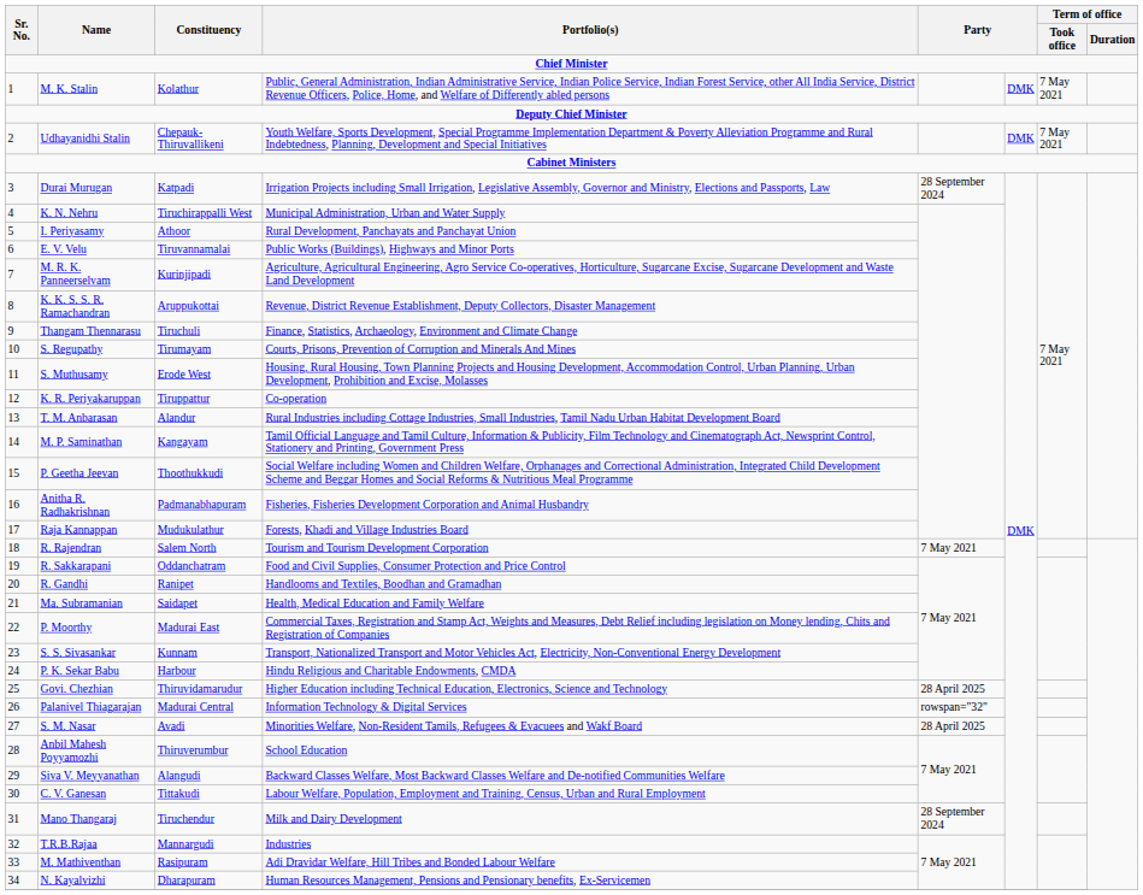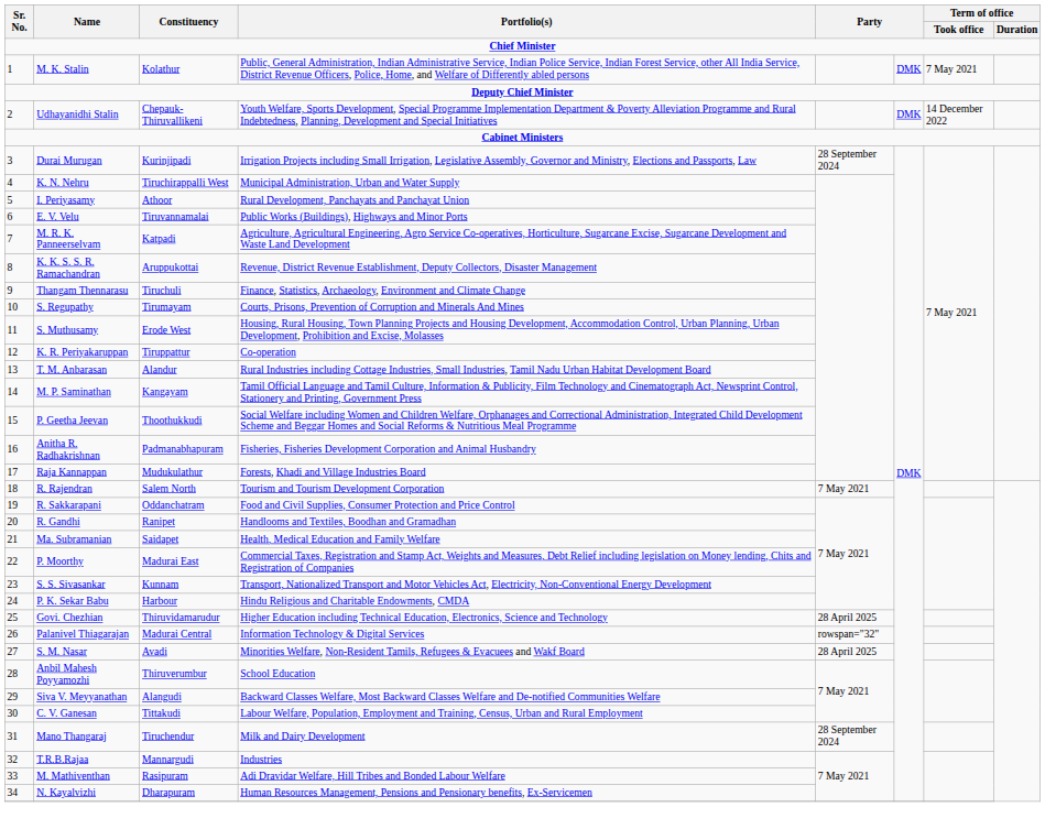 <table class="wikitable sortable" style="text-align:left;"style="font-size: 85%">
 <tr>
 <th rowspan = "2">Sr. No.</th>
 <th rowspan = "2">Name</th>
 <th rowspan = "2">Constituency</th>
 <th rowspan = "2">Portfolio(s)</th>
 <th rowspan = "2" colspan="2">Party</th>
 <th colspan="2">Term of office</th>
 </tr>
 <tr>
 <th>Took office</th>
 <th>Duration</th>
 </tr>
 <tr>
 <td colspan="8" style="text-align: center;"><strong><a href='#'>Chief Minister</a></strong></td>
 </tr>
 <tr>
 <td>1</td>
 <td><a href='#'>M. K. Stalin</a></td>
 <td><a href='#'>Kolathur</a></td>
 <td><a href='#'>Public, General Administration, Indian Administrative Service, Indian Police Service, Indian Forest Service, other All India Service, District Revenue Officers</a>, <a href='#'>Police, Home</a>, and <a href='#'>Welfare of Differently abled persons</a></td>
 <td></td>
 <td><a href='#'>DMK</a></td>
 <td>7 May 2021</td>
 <td></td>
 </tr>
 <tr>
 <td colspan="8" style="text-align: center;"><strong><a href='#'>Deputy Chief Minister</a></strong></td>
 </tr>
 <tr>
 <td>2</td>
 <td><a href='#'>Udhayanidhi Stalin</a></td>
 <td><a href='#'>Chepauk-Thiruvallikeni</a></td>
 <td><a href='#'>Youth Welfare, Sports Development</a>, <a href='#'>Special Programme Implementation Department & Poverty Alleviation Programme and Rural Indebtedness</a>, <a href='#'>Planning, Development and Special Initiatives</a></td>
 <td></td>
 <td><a href='#'>DMK</a></td>
-<td>7 May 2021</td>
+<td>14 December 2022</td>
 <td></td>
 </tr>
 <tr>
 <td colspan="8" style="text-align: center;"><strong><a href='#'>Cabinet Ministers</a></strong></td>
 </tr>
 <tr>
 <td>3</td>
 <td><a href='#'>Durai Murugan</a></td>
-<td><a href='#'>Katpadi</a></td>
+<td><a href='#'>Kurinjipadi</a></td>
 <td><a href='#'>Irrigation Projects including Small Irrigation</a>, <a href='#'>Legislative Assembly, Governor and Ministry</a>, <a href='#'>Elections and Passports</a>, <a href='#'>Law</a></td>
 <td rowspan=>28 September 2024</td>
 <td rowspan="32"><a href='#'>DMK</a></td>
 <td rowspan="15">7 May 2021</td>
 <td rowspan="15"></td>
 </tr>
 <tr>
 <td>4</td>
 <td><a href='#'>K. N. Nehru</a></td>
 <td><a href='#'>Tiruchirappalli West</a></td>
 <td><a href='#'>Municipal Administration, Urban and Water Supply</a></td>
 </tr>
 <tr>
 <td>5</td>
 <td><a href='#'>I. Periyasamy</a></td>
 <td><a href='#'>Athoor</a></td>
 <td><a href='#'>Rural Development, Panchayats and Panchayat Union</a></td>
 </tr>
 <tr>
 <td>6</td>
 <td><a href='#'>E. V. Velu</a></td>
 <td><a href='#'>Tiruvannamalai</a></td>
 <td><a href='#'>Public Works (Buildings)</a>, <a href='#'>Highways and Minor Ports</a></td>
 </tr>
 <tr>
 <td>7</td>
 <td><a href='#'>M. R. K. Panneerselvam</a></td>
-<td><a href='#'>Kurinjipadi</a></td>
+<td><a href='#'>Katpadi</a></td>
 <td><a href='#'>Agriculture, Agricultural Engineering, Agro Service Co-operatives, Horticulture, Sugarcane Excise,  Sugarcane Development and Waste Land Development</a></td>
 </tr>
 <tr>
 <td>8</td>
 <td><a href='#'>K. K. S. S. R. Ramachandran</a></td>
 <td><a href='#'>Aruppukottai</a></td>
 <td><a href='#'>Revenue, District Revenue Establishment, Deputy Collectors, Disaster Management</a></td>
 </tr>
 <tr>
 <td>9</td>
 <td><a href='#'>Thangam Thennarasu</a></td>
 <td><a href='#'>Tiruchuli</a></td>
 <td><a href='#'>Finance</a>, <a href='#'>Statistics</a>, <a href='#'>Archaeology</a>, <a href='#'>Environment and Climate Change</a></td>
 </tr>
 <tr>
 <td>10</td>
 <td><a href='#'>S. Regupathy</a></td>
 <td><a href='#'>Tirumayam</a></td>
 <td><a href='#'>Courts, Prisons, Prevention of Corruption and Minerals And Mines</a></td>
 </tr>
 <tr>
 <td>11</td>
 <td><a href='#'>S. Muthusamy</a></td>
 <td><a href='#'>Erode West</a></td>
 <td><a href='#'>Housing, Rural Housing, Town Planning Projects and Housing Development, Accommodation Control, Urban Planning, Urban Development</a>, <a href='#'>Prohibition and Excise, Molasses</a></td>
 </tr>
 <tr>
 <td>12</td>
 <td><a href='#'>K. R. Periyakaruppan</a></td>
 <td><a href='#'>Tiruppattur</a></td>
 <td><a href='#'>Co-operation</a></td>
 </tr>
 <tr>
 <td>13</td>
 <td><a href='#'>T. M. Anbarasan</a></td>
 <td><a href='#'>Alandur</a></td>
 <td><a href='#'>Rural Industries including Cottage Industries, Small Industries</a>, <a href='#'>Tamil Nadu Urban Habitat Development Board</a></td>
 </tr>
 <tr>
 <td>14</td>
 <td><a href='#'>M. P. Saminathan</a></td>
 <td><a href='#'>Kangayam</a></td>
 <td><a href='#'>Tamil Official Language and Tamil Culture, Information & Publicity, Film Technology and Cinematograph Act, Newsprint Control, Stationery and Printing, Government Press</a></td>
 </tr>
 <tr>
 <td>15</td>
 <td><a href='#'>P. Geetha Jeevan</a></td>
 <td><a href='#'>Thoothukkudi</a></td>
 <td><a href='#'>Social Welfare including Women and Children Welfare, Orphanages and Correctional Administration, Integrated Child Development Scheme and Beggar Homes and Social Reforms & Nutritious Meal Programme</a></td>
 </tr>
 <tr>
 <td>16</td>
 <td><a href='#'>Anitha R. Radhakrishnan</a></td>
 <td><a href='#'>Padmanabhapuram</a></td>
 <td><a href='#'>Fisheries, Fisheries Development Corporation and Animal Husbandry</a></td>
 </tr>
 <tr>
 <td>17</td>
 <td><a href='#'>Raja Kannappan</a></td>
 <td><a href='#'>Mudukulathur</a></td>
 <td><a href='#'>Forests</a>, <a href='#'>Khadi and Village Industries Board</a></td>
 </tr>
 <tr>
 <td>18</td>
 <td><a href='#'>R. Rajendran</a></td>
 <td><a href='#'>Salem North</a></td>
 <td><a href='#'>Tourism and Tourism Development Corporation</a></td>
 <td rowspan=>7 May 2021</td>
 <td rowspan=></td>
 </tr>
 <tr>
 <td>19</td>
 <td><a href='#'>R. Sakkarapani</a></td>
 <td><a href='#'>Oddanchatram</a></td>
 <td><a href='#'>Food and Civil Supplies, Consumer Protection and Price Control</a></td>
 <td rowspan="6">7 May 2021</td>
 <td rowspan="6"></td>
 </tr>
 <tr>
 <td>20</td>
 <td><a href='#'>R. Gandhi</a></td>
 <td><a href='#'>Ranipet</a></td>
 <td><a href='#'>Handlooms and Textiles, Boodhan and Gramadhan</a></td>
 </tr>
 <tr>
 <td>21</td>
 <td><a href='#'>Ma. Subramanian</a></td>
 <td><a href='#'>Saidapet</a></td>
 <td><a href='#'>Health, Medical Education and Family Welfare</a></td>
 </tr>
 <tr>
 <td>22</td>
 <td><a href='#'>P. Moorthy</a></td>
 <td><a href='#'>Madurai East</a></td>
 <td><a href='#'>Commercial Taxes, Registration and Stamp Act, Weights and Measures, Debt Relief including legislation on Money lending, Chits and Registration of Companies</a></td>
 </tr>
 <tr>
 <td>23</td>
 <td><a href='#'>S. S. Sivasankar</a></td>
 <td><a href='#'>Kunnam</a></td>
 <td><a href='#'>Transport, Nationalized Transport and Motor Vehicles Act</a>, <a href='#'>Electricity, Non-Conventional Energy Development</a></td>
 </tr>
 <tr>
 <td>24</td>
 <td><a href='#'>P. K. Sekar Babu</a></td>
 <td><a href='#'>Harbour</a></td>
 <td><a href='#'>Hindu Religious and Charitable Endowments</a>, <a href='#'>CMDA</a></td>
 </tr>
 <tr>
 <td>25</td>
 <td><a href='#'>Govi. Chezhian</a></td>
 <td><a href='#'>Thiruvidamarudur</a></td>
 <td><a href='#'>Higher Education including Technical Education, Electronics, Science and  Technology</a></td>
 <td rowspan=>28 April 2025</td>
 <td rowspan=></td>
 </tr>
 <tr>
 <td>26</td>
 <td><a href='#'>Palanivel Thiagarajan</a></td>
 <td><a href='#'>Madurai Central</a></td>
 <td><a href='#'>Information Technology & Digital Services</a></td>
 <td>rowspan="32" </td>
 <td rowspan=></td>
 </tr>
 <tr>
 <td>27</td>
 <td><a href='#'>S. M. Nasar</a></td>
 <td><a href='#'>Avadi</a></td>
 <td><a href='#'>Minorities Welfare</a>, <a href='#'>Non-Resident Tamils, Refugees & Evacuees</a> and <a href='#'>Wakf Board</a></td>
 <td rowspan=>28 April 2025</td>
 <td rowspan=></td>
 </tr>
 <tr>
 <td>28</td>
 <td><a href='#'>Anbil Mahesh Poyyamozhi</a></td>
 <td><a href='#'>Thiruverumbur</a></td>
 <td><a href='#'>School Education</a></td>
 <td rowspan="3">7 May 2021</td>
 <td rowspan="3"></td>
 </tr>
 <tr>
 <td>29</td>
 <td><a href='#'>Siva V. Meyyanathan</a></td>
 <td><a href='#'>Alangudi</a></td>
 <td><a href='#'>Backward Classes Welfare, Most Backward Classes Welfare and De-notified  Communities Welfare</a></td>
 </tr>
 <tr>
 <td>30</td>
 <td><a href='#'>C. V. Ganesan</a></td>
 <td><a href='#'>Tittakudi</a></td>
 <td><a href='#'>Labour Welfare, Population, Employment and Training, Census, Urban and Rural Employment</a></td>
 </tr>
 <tr>
 <td>31</td>
 <td><a href='#'>Mano Thangaraj</a></td>
 <td><a href='#'>Tiruchendur</a></td>
 <td><a href='#'>Milk and Dairy Development</a></td>
 <td rowspan=>28 September 2024</td>
 <td rowspan=></td>
 </tr>
 <tr>
 <td>32</td>
 <td><a href='#'>T.R.B.Rajaa</a></td>
 <td><a href='#'>Mannargudi</a></td>
 <td><a href='#'>Industries</a></td>
 <td rowspan="3">7 May 2021</td>
 <td rowspan="3"></td>
 </tr>
 <tr>
 <td>33</td>
 <td><a href='#'>M. Mathiventhan</a></td>
 <td><a href='#'>Rasipuram</a></td>
 <td><a href='#'>Adi Dravidar Welfare, Hill Tribes and Bonded Labour Welfare</a></td>
 </tr>
 <tr>
 <td>34</td>
 <td><a href='#'>N. Kayalvizhi</a></td>
 <td><a href='#'>Dharapuram</a></td>
 <td><a href='#'>Human Resources Management, Pensions and Pensionary benefits</a>, <a href='#'>Ex-Servicemen</a></td>
 </tr>
 <tr>
 </tr>
 </table>
